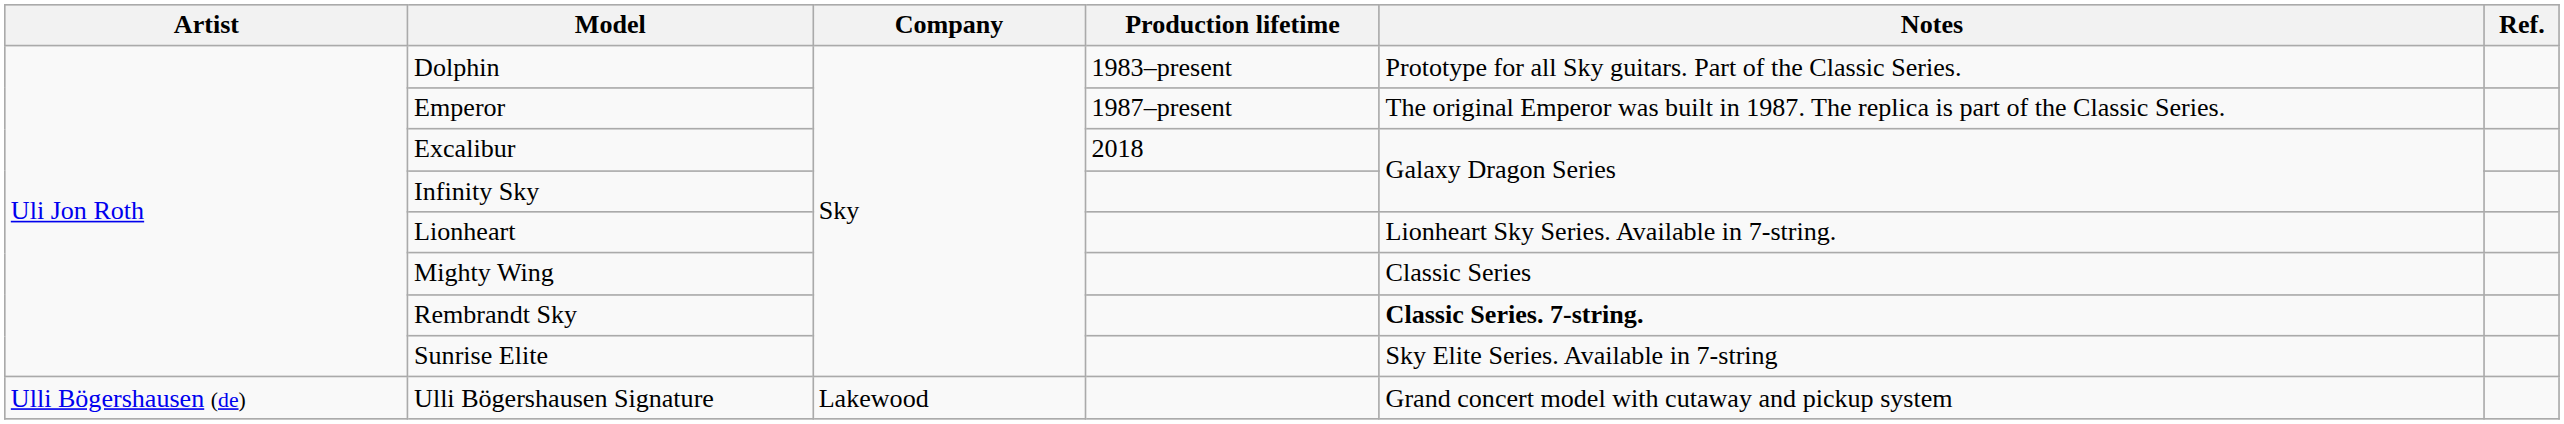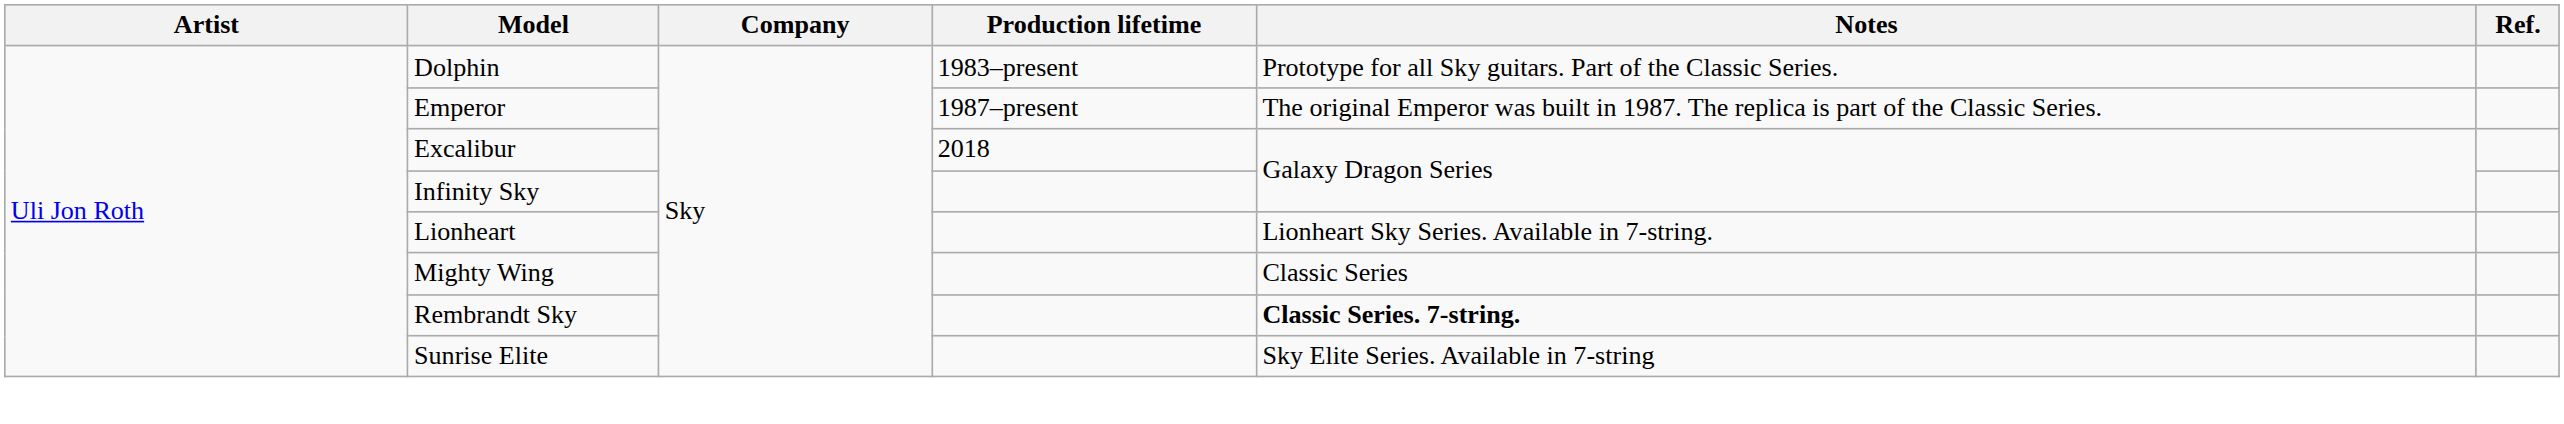 <table class="wikitable sortable plainrowheaders" style="width:99%;">
 <tr>
 <th scope="col" style="width:15em;">Artist</th>
 <th scope="col">Model</th>
 <th scope="col" style="width:10em;">Company</th>
 <th scope="col">Production lifetime</th>
 <th scope="col" class="unsortable">Notes</th>
 <th scope="col">Ref.</th>
 </tr>
 <tr>
 <td rowspan=8><a href='#'>Uli Jon Roth</a></td>
 <td>Dolphin</td>
 <td rowspan=8>Sky</td>
 <td>1983–present</td>
 <td>Prototype for all Sky guitars.  Part of the Classic Series.</td>
 <td></td>
 </tr>
 <tr>
 <td>Emperor</td>
 <td>1987–present</td>
 <td>The original Emperor was built in 1987.  The replica is part of the Classic Series.</td>
 <td></td>
 </tr>
 <tr>
 <td>Excalibur</td>
 <td>2018</td>
 <td rowspan=2>Galaxy Dragon Series</td>
 <td></td>
 </tr>
 <tr>
 <td>Infinity Sky</td>
 <td></td>
 <td></td>
 </tr>
 <tr>
 <td>Lionheart</td>
 <td></td>
 <td>Lionheart Sky Series.  Available in 7-string.</td>
 <td></td>
 </tr>
 <tr>
 <td>Mighty Wing</td>
 <td></td>
 <td>Classic Series</td>
 <td></td>
 </tr>
 <tr>
 <td>Rembrandt Sky</td>
 <td></td>
 <td><strong>Classic Series.  7-string.</strong></td>
 <td></td>
 </tr>
 <tr>
 <td>Sunrise Elite</td>
 <td></td>
 <td>Sky Elite Series.  Available in 7-string</td>
 <td></td>
 </tr>
-<tr>
-<td><a href='#'>Ulli Bögershausen</a> <small>(<a href='#'>de</a>)</small></td>
-<td>Ulli Bögershausen Signature</td>
-<td>Lakewood</td>
-<td></td>
-<td>Grand concert model with cutaway and pickup system</td>
-<td></td>
-</tr>
 </table>
